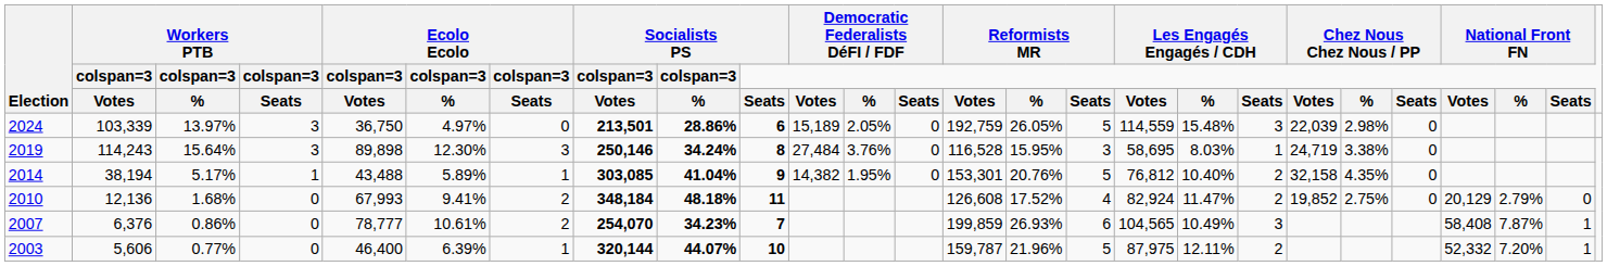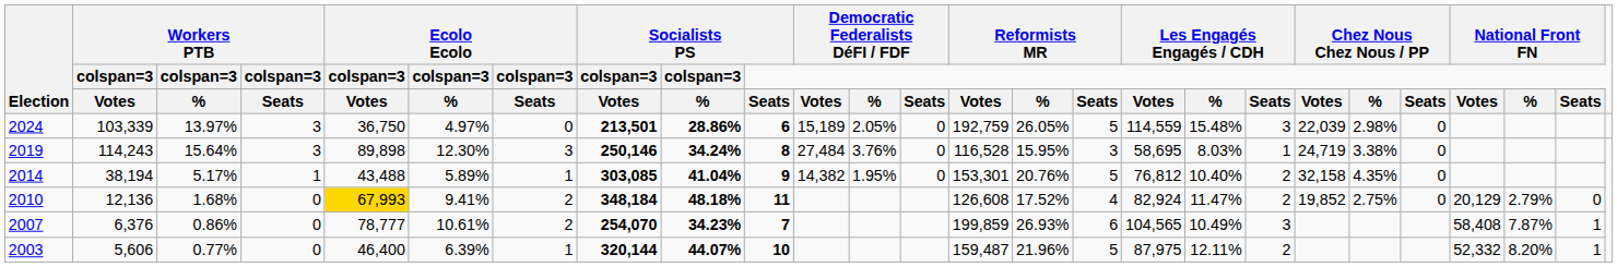 <table class="wikitable" border="1" style="font-size:95%; text-align:right;">
 <tr>
 <th style="text-align:left;" valign=bottom rowspan=3>Election</th>
 <th valign=bottom colspan=3><a href='#'>Workers</a><br>PTB</th>
 <th valign=bottom colspan=3><a href='#'>Ecolo</a><br>Ecolo</th>
 <th valign=bottom colspan=3><a href='#'>Socialists</a><br>PS</th>
 <th valign=bottom colspan=3><a href='#'>Democratic Federalists</a><br>DéFI / FDF</th>
 <th valign=bottom colspan=3><a href='#'>Reformists</a><br>MR</th>
 <th valign=bottom colspan=3><a href='#'>Les Engagés</a><br>Engagés / CDH</th>
 <th valign=bottom colspan=3><a href='#'>Chez Nous</a><br>Chez Nous / PP</th>
 <th valign=bottom colspan=3><a href='#'>National Front</a><br>FN</th>
 </tr>
 <tr>
 <th>colspan=3 </th>
 <th>colspan=3 </th>
 <th>colspan=3 </th>
 <th>colspan=3 </th>
 <th>colspan=3 </th>
 <th>colspan=3 </th>
 <th>colspan=3 </th>
 <th>colspan=3 </th>
 </tr>
 <tr>
 <th>Votes</th>
 <th>%</th>
 <th>Seats</th>
 <th>Votes</th>
 <th>%</th>
 <th>Seats</th>
 <th>Votes</th>
 <th>%</th>
 <th>Seats</th>
 <th>Votes</th>
 <th>%</th>
 <th>Seats</th>
 <th>Votes</th>
 <th>%</th>
 <th>Seats</th>
 <th>Votes</th>
 <th>%</th>
 <th>Seats</th>
 <th>Votes</th>
 <th>%</th>
 <th>Seats</th>
 <th>Votes</th>
 <th>%</th>
 <th>Seats</th>
 </tr>
 <tr>
 <td align=left><a href='#'>2024</a></td>
 <td>103,339</td>
 <td>13.97%</td>
 <td>3</td>
 <td>36,750</td>
 <td>4.97%</td>
 <td>0</td>
 <td><strong>213,501</strong></td>
 <td><strong>28.86%</strong></td>
 <td><strong>6</strong></td>
 <td>15,189</td>
 <td>2.05%</td>
 <td>0</td>
 <td>192,759</td>
 <td>26.05%</td>
 <td>5</td>
 <td>114,559</td>
 <td>15.48%</td>
 <td>3</td>
 <td>22,039</td>
 <td>2.98%</td>
 <td>0</td>
 <td></td>
 <td></td>
 <td></td>
 <td></td>
 </tr>
 <tr>
 <td align=left><a href='#'>2019</a></td>
 <td>114,243</td>
 <td>15.64%</td>
 <td>3</td>
 <td>89,898</td>
 <td>12.30%</td>
 <td>3</td>
 <td><strong>250,146</strong></td>
 <td><strong>34.24%</strong></td>
 <td><strong>8</strong></td>
 <td>27,484</td>
 <td>3.76%</td>
 <td>0</td>
 <td>116,528</td>
 <td>15.95%</td>
 <td>3</td>
 <td>58,695</td>
 <td>8.03%</td>
 <td>1</td>
 <td>24,719</td>
 <td>3.38%</td>
 <td>0</td>
 <td></td>
 <td></td>
 <td></td>
 </tr>
 <tr>
 <td align=left><a href='#'>2014</a></td>
 <td>38,194</td>
 <td>5.17%</td>
 <td>1</td>
 <td>43,488</td>
 <td>5.89%</td>
 <td>1</td>
 <td><strong>303,085</strong></td>
 <td><strong>41.04%</strong></td>
 <td><strong>9</strong></td>
 <td>14,382</td>
 <td>1.95%</td>
 <td>0</td>
 <td>153,301</td>
 <td>20.76%</td>
 <td>5</td>
 <td>76,812</td>
 <td>10.40%</td>
 <td>2</td>
 <td>32,158</td>
 <td>4.35%</td>
 <td>0</td>
 <td></td>
 <td></td>
 <td></td>
 </tr>
 <tr>
 <td align=left><a href='#'>2010</a></td>
 <td>12,136</td>
 <td>1.68%</td>
 <td>0</td>
-<td>67,993</td>
+<td style="background: gold;">67,993</td>
 <td>9.41%</td>
 <td>2</td>
 <td><strong>348,184</strong></td>
 <td><strong>48.18%</strong></td>
 <td><strong>11</strong></td>
 <td></td>
 <td></td>
 <td></td>
 <td>126,608</td>
 <td>17.52%</td>
 <td>4</td>
 <td>82,924</td>
 <td>11.47%</td>
 <td>2</td>
 <td>19,852</td>
 <td>2.75%</td>
 <td>0</td>
 <td>20,129</td>
 <td>2.79%</td>
 <td>0</td>
 </tr>
 <tr>
 <td align=left><a href='#'>2007</a></td>
 <td>6,376</td>
 <td>0.86%</td>
 <td>0</td>
 <td>78,777</td>
 <td>10.61%</td>
 <td>2</td>
 <td><strong>254,070</strong></td>
 <td><strong>34.23%</strong></td>
 <td><strong>7</strong></td>
 <td></td>
 <td></td>
 <td></td>
 <td>199,859</td>
 <td>26.93%</td>
 <td>6</td>
 <td>104,565</td>
 <td>10.49%</td>
 <td>3</td>
 <td></td>
 <td></td>
 <td></td>
 <td>58,408</td>
 <td>7.87%</td>
 <td>1</td>
 </tr>
 <tr>
 <td align=left><a href='#'>2003</a></td>
 <td>5,606</td>
 <td>0.77%</td>
 <td>0</td>
 <td>46,400</td>
 <td>6.39%</td>
 <td>1</td>
 <td><strong>320,144</strong></td>
 <td><strong>44.07%</strong></td>
 <td><strong>10</strong></td>
 <td></td>
 <td></td>
 <td></td>
-<td>159,787</td>
+<td>159,487</td>
 <td>21.96%</td>
 <td>5</td>
 <td>87,975</td>
 <td>12.11%</td>
 <td>2</td>
 <td></td>
 <td></td>
 <td></td>
 <td>52,332</td>
-<td>7.20%</td>
+<td>8.20%</td>
 <td>1</td>
 </tr>
 </table>
